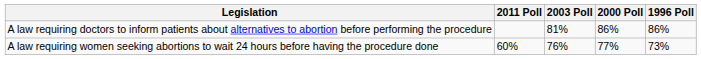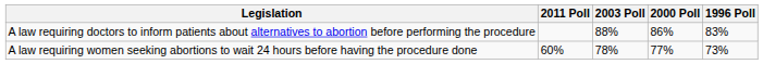 <table class="wikitable" style="margin:1em auto;">
 <tr>
 <th>Legislation</th>
 <th>2011 Poll</th>
 <th>2003 Poll</th>
 <th>2000 Poll</th>
 <th>1996 Poll</th>
 </tr>
 <tr>
 <td>A law requiring doctors to inform patients about <a href='#'>alternatives to abortion</a> before performing the procedure</td>
 <td></td>
-<td>81%</td>
+<td>88%</td>
 <td>86%</td>
-<td>86%</td>
+<td>83%</td>
 </tr>
 <tr>
 <td>A law requiring women seeking abortions to wait 24 hours before having the procedure done</td>
 <td>60%</td>
-<td>76%</td>
+<td>78%</td>
 <td>77%</td>
 <td>73%</td>
 </tr>
 </table>
